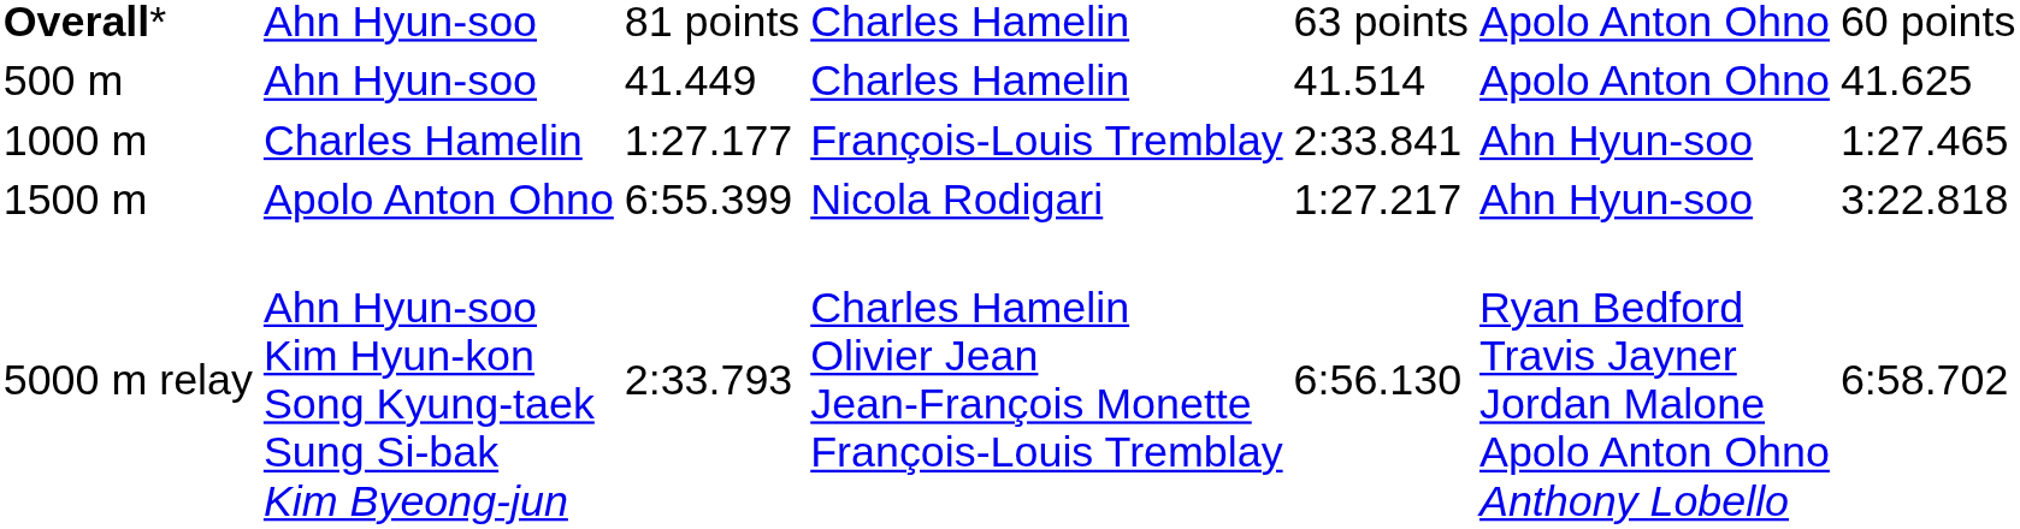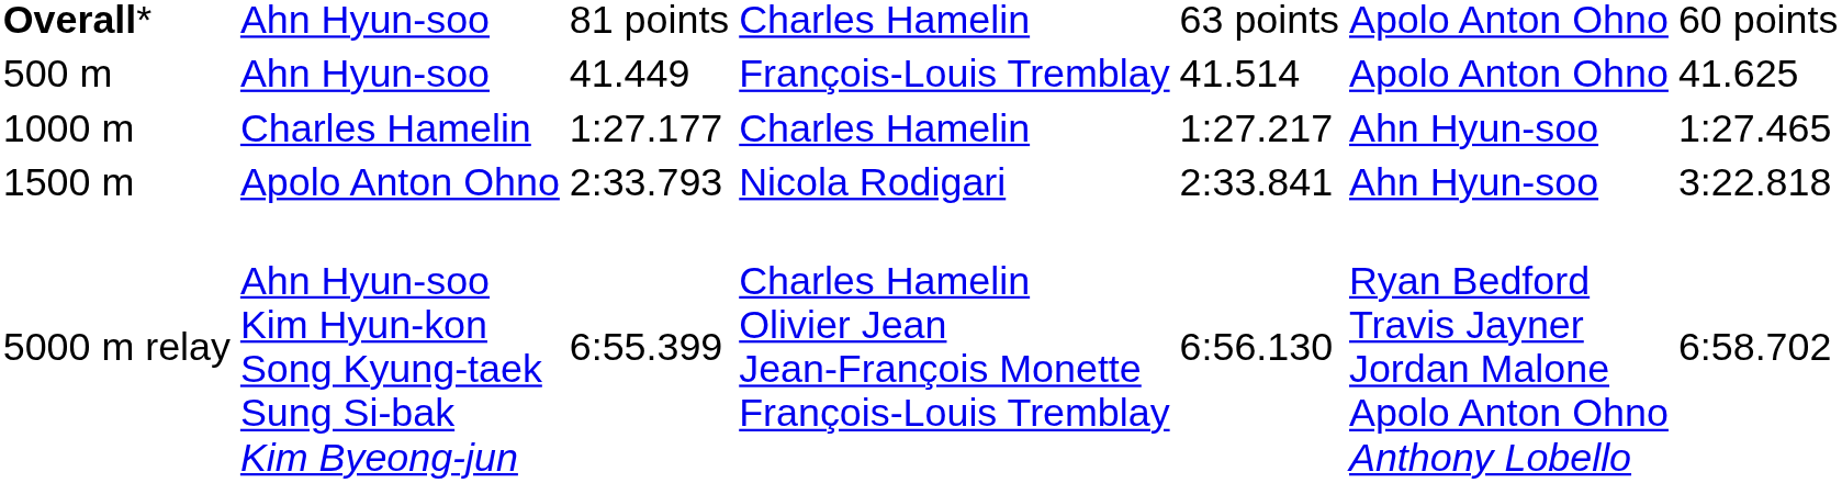 <table>
 <tr>
 <td><strong>Overall</strong>*</td>
 <td><a href='#'>Ahn Hyun-soo</a><br></td>
 <td>81 points</td>
 <td><a href='#'>Charles Hamelin</a><br></td>
 <td>63 points</td>
 <td><a href='#'>Apolo Anton Ohno</a><br></td>
 <td>60 points</td>
 </tr>
 <tr>
 <td>500 m</td>
 <td><a href='#'>Ahn Hyun-soo</a><br></td>
 <td>41.449</td>
-<td><a href='#'>Charles Hamelin</a><br></td>
+<td><a href='#'>François-Louis Tremblay</a><br></td>
 <td>41.514</td>
 <td><a href='#'>Apolo Anton Ohno</a><br></td>
 <td>41.625</td>
 </tr>
 <tr>
 <td>1000 m</td>
 <td><a href='#'>Charles Hamelin</a><br></td>
 <td>1:27.177</td>
-<td><a href='#'>François-Louis Tremblay</a><br></td>
-<td>2:33.841</td>
+<td><a href='#'>Charles Hamelin</a><br></td>
+<td>1:27.217</td>
 <td><a href='#'>Ahn Hyun-soo</a><br></td>
 <td>1:27.465</td>
 </tr>
 <tr>
 <td>1500 m</td>
 <td><a href='#'>Apolo Anton Ohno</a><br></td>
-<td>6:55.399</td>
+<td>2:33.793</td>
 <td><a href='#'>Nicola Rodigari</a><br></td>
-<td>1:27.217</td>
+<td>2:33.841</td>
 <td><a href='#'>Ahn Hyun-soo</a><br></td>
 <td>3:22.818</td>
 </tr>
 <tr>
 <td>5000 m relay</td>
 <td valign=top><br><a href='#'>Ahn Hyun-soo</a><br><a href='#'>Kim Hyun-kon</a><br><a href='#'>Song Kyung-taek</a><br><a href='#'>Sung Si-bak</a><br><em><a href='#'>Kim Byeong-jun</a></em></td>
-<td>2:33.793</td>
+<td>6:55.399</td>
 <td valign=top><br><a href='#'>Charles Hamelin</a><br><a href='#'>Olivier Jean</a><br><a href='#'>Jean-François Monette</a><br><a href='#'>François-Louis Tremblay</a></td>
 <td>6:56.130</td>
 <td valign=top><br><a href='#'>Ryan Bedford</a><br><a href='#'>Travis Jayner</a><br><a href='#'>Jordan Malone</a><br><a href='#'>Apolo Anton Ohno</a><br><em><a href='#'>Anthony Lobello</a></em></td>
 <td>6:58.702</td>
 </tr>
 </table>
